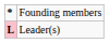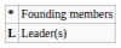 <table class="wikitable">
 <tr>
 <td><strong>*</strong></td>
 <td>Founding members</td>
 </tr>
 <tr>
-<td style="background: pink;"><strong>L</strong></td>
+<td><strong>L</strong></td>
 <td>Leader(s)</td>
 </tr>
 </table>
